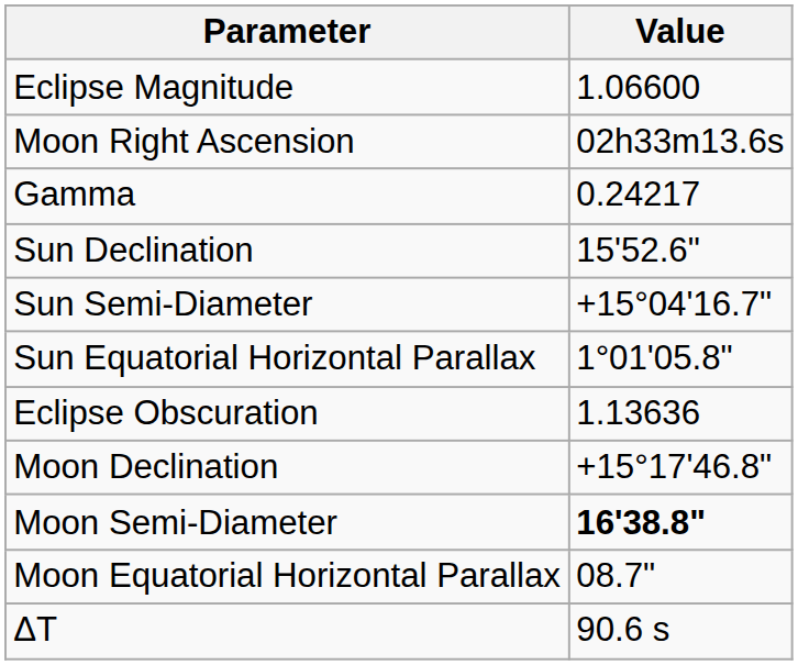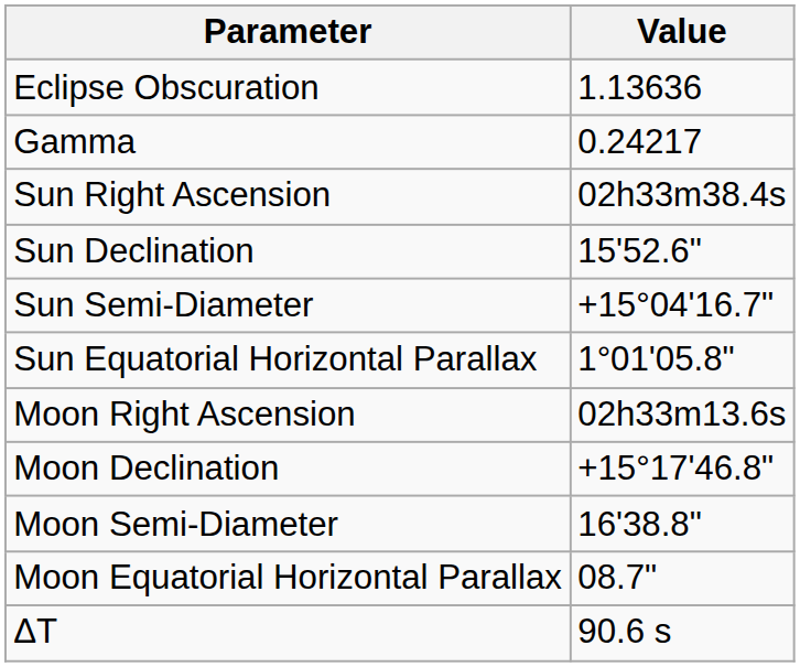 <table class="wikitable">
 <tr>
 <th>Parameter</th>
 <th>Value</th>
 </tr>
 <tr>
-<td>Eclipse Magnitude</td>
-<td>1.06600</td>
-</tr>
-<tr>
-<td>Moon Right Ascension</td>
-<td>02h33m13.6s</td>
+<td>Eclipse Obscuration</td>
+<td>1.13636</td>
 </tr>
 <tr>
 <td>Gamma</td>
 <td>0.24217</td>
+</tr>
+<tr>
+<td>Sun Right Ascension</td>
+<td>02h33m38.4s</td>
 </tr>
 <tr>
 <td>Sun Declination</td>
 <td>15'52.6"</td>
 </tr>
 <tr>
 <td>Sun Semi-Diameter</td>
 <td>+15°04'16.7"</td>
 </tr>
 <tr>
 <td>Sun Equatorial Horizontal Parallax</td>
 <td>1°01'05.8"</td>
 </tr>
 <tr>
-<td>Eclipse Obscuration</td>
-<td>1.13636</td>
+<td>Moon Right Ascension</td>
+<td>02h33m13.6s</td>
 </tr>
 <tr>
 <td>Moon Declination</td>
 <td>+15°17'46.8"</td>
 </tr>
 <tr>
 <td>Moon Semi-Diameter</td>
-<td><strong>16'38.8"</strong></td>
+<td>16'38.8"</td>
 </tr>
 <tr>
 <td>Moon Equatorial Horizontal Parallax</td>
 <td>08.7"</td>
 </tr>
 <tr>
 <td>ΔT</td>
 <td>90.6 s</td>
 </tr>
 </table>
